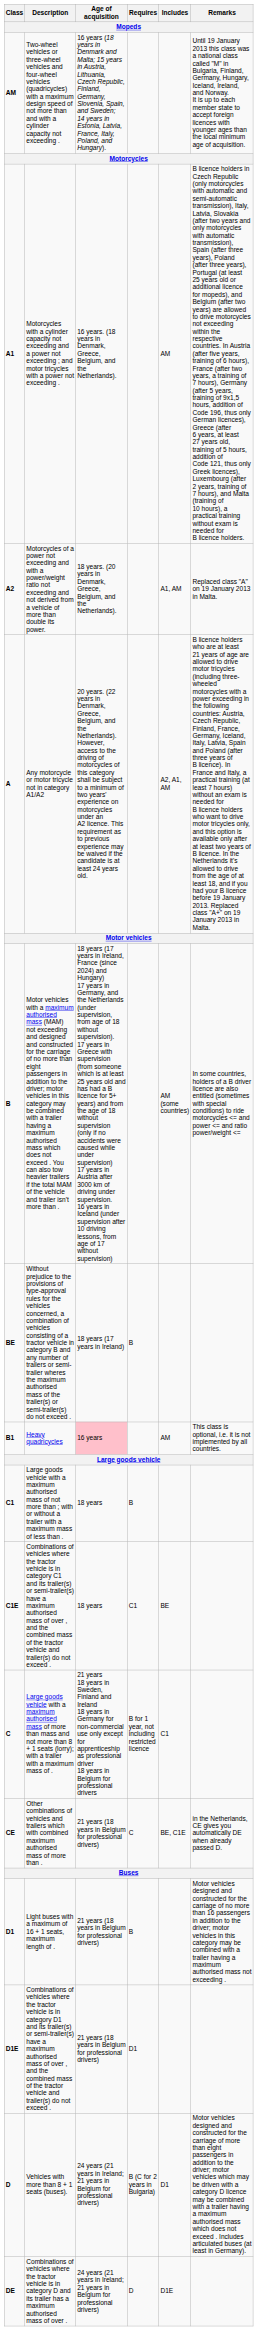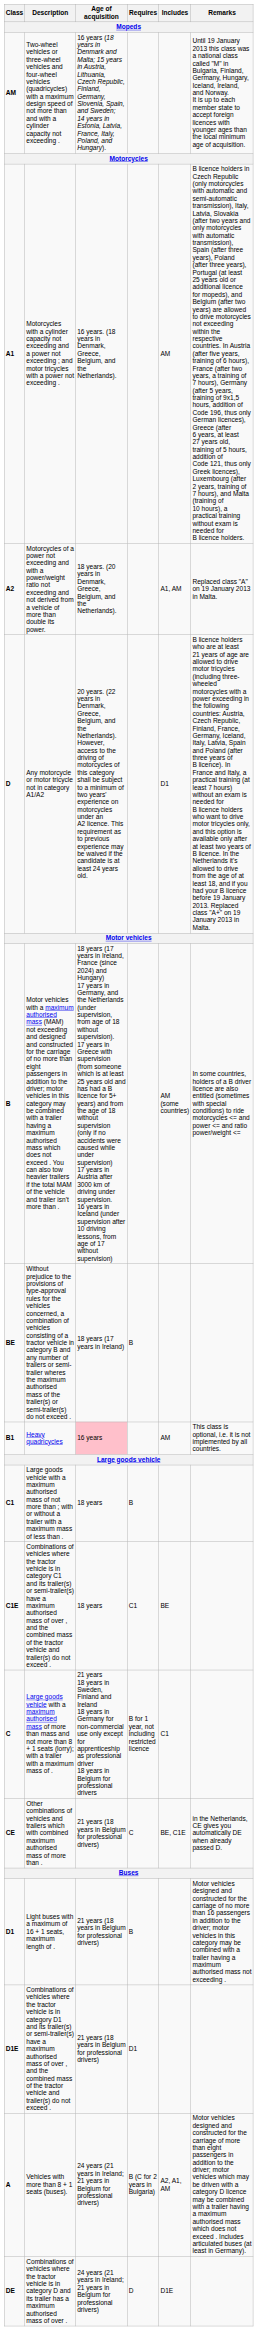 <table class="wikitable">
 <tr>
 <th>Class</th>
 <th>Description</th>
 <th>Age of acquisition</th>
 <th>Requires</th>
 <th>Includes</th>
 <th>Remarks</th>
 </tr>
 <tr>
 <th colspan="6"><a href='#'>Mopeds</a></th>
 </tr>
 <tr>
 <td><strong>AM</strong></td>
 <td>Two-wheel vehicles or three-wheel vehicles and four-wheel vehicles (quadricycles) with a maximum design speed of not more than  and with a cylinder capacity not exceeding .</td>
 <td>16 years (<em>18 years in Denmark and Malta; 15 years in Austria, Lithuania, Czech Republic, Finland, Germany, Slovenia, Spain, and Sweden; 14 years in Estonia, Latvia, France, Italy, Poland, and Hungary</em>).</td>
 <td></td>
 <td></td>
 <td>Until 19 January 2013 this class was a national class called "M" in Bulgaria, Finland, Germany, Hungary, Iceland, Ireland, and Norway.<br>It is up to each member state to accept foreign licences with younger ages than the local minimum age of acquisition.</td>
 </tr>
 <tr>
 <th colspan="6"><a href='#'>Motorcycles</a></th>
 </tr>
 <tr>
 <td><strong>A1</strong></td>
 <td>Motorcycles with a cylinder capacity not exceeding  and a power not exceeding ; and motor tricycles with a power not exceeding .</td>
 <td>16 years. (18 years in Denmark, Greece, Belgium, and the Netherlands).</td>
 <td></td>
 <td>AM</td>
 <td>B licence holders in Czech Republic (only motorcycles with automatic and semi-automatic transmission), Italy, Latvia, Slovakia (after two years and only motorcycles with automatic transmission), Spain (after three years), Poland (after three years), Portugal (at least 25 years old or additional licence for mopeds), and Belgium (after two years) are allowed to drive motorcycles not exceeding  within the respective countries. In Austria (after five years, training of 6 hours), France (after two years, a training of 7 hours), Germany (after 5 years, training of 9x1,5 hours, addition of Code 196, thus only German licences), Greece (after 6 years, at least 27 years old, training of 5 hours, addition of Code 121, thus only Greek licences), Luxembourg (after 2 years, training of 7 hours), and Malta (training of 10 hours), a practical training without exam is needed for B licence holders.</td>
 </tr>
 <tr>
 <td><strong>A2</strong></td>
 <td>Motorcycles of a power not exceeding  and with a power/weight ratio not exceeding  and not derived from a vehicle of more than double its power.</td>
 <td>18 years. (20 years in Denmark, Greece, Belgium, and the Netherlands).</td>
 <td></td>
 <td>A1, AM</td>
 <td>Replaced class "A" on 19 January 2013 in Malta.</td>
 </tr>
 <tr>
-<td><strong>A</strong></td>
+<td><strong>D</strong></td>
 <td>Any motorcycle or motor tricycle not in category A1/A2</td>
 <td>20 years. (22 years in Denmark, Greece, Belgium, and the Netherlands). However, access to the driving of motorcycles of this category shall be subject to a minimum of two years' experience on motorcycles under an A2 licence. This requirement as to previous experience may be waived if the candidate is at least 24 years old.</td>
 <td></td>
-<td>A2, A1, AM</td>
+<td>D1</td>
 <td>B licence holders who are at least 21 years of age are allowed to drive motor tricycles (including three-wheeled motorcycles with a power exceeding  in the following countries: Austria, Czech Republic, Finland, France, Germany, Iceland, Italy, Latvia, Spain and Poland (after three years of B licence). In France and Italy, a practical training (at least 7 hours) without an exam is needed for B licence holders who want to drive motor tricycles only, and this option is available only after at least two years of B licence. In the Netherlands it's allowed to drive from the age of at least 18, and if you had your B licence before 19 January 2013. Replaced class "A+" on 19 January 2013 in Malta.</td>
 </tr>
 <tr>
 <th colspan="6"><a href='#'>Motor vehicles</a></th>
 </tr>
 <tr>
 <td><strong>B</strong></td>
 <td>Motor vehicles with a <a href='#'>maximum authorised mass</a> (MAM) not exceeding  and designed and constructed for the carriage of no more than eight passengers in addition to the driver; motor vehicles in this category may be combined with a trailer having a maximum authorised mass which does not exceed . You can also tow heavier trailers if the total <abbr>MAM</abbr> of the vehicle and trailer isn't more than .</td>
 <td>18 years (17 years in Ireland, France (since 2024) and Hungary)<br>17 years in Germany,  and the Netherlands (under supervision, from age of 18 without supervision).<br>17 years in Greece with supervision (from someone which is at least 25 years old and has had a B licence for 5+ years)  and from the age of 18 without supervision (only if no accidents were caused while under supervision) <br>17 years in Austria after 3000 km of driving under supervision.<br>16 years in Iceland (under supervision after 10 driving lessons, from age of 17 without supervision)</td>
 <td></td>
 <td>AM (some countries)</td>
 <td>In some countries, holders of a B driver licence are also entitled (sometimes with special conditions) to ride motorcycles <=  and power <=  and ratio power/weight <= </td>
 </tr>
 <tr>
 <td><strong>BE</strong></td>
 <td>Without prejudice to the provisions of type-approval rules for the vehicles concerned, a combination of vehicles consisting of a tractor vehicle in category B and any number of trailers or semi-trailer wheres the maximum authorised mass of the trailer(s) or semi-trailer(s) do not exceed .</td>
 <td>18 years (17 years in Ireland)</td>
 <td>B</td>
 <td></td>
 <td></td>
 </tr>
 <tr>
 <td><strong>B1</strong></td>
 <td><a href='#'>Heavy quadricycles</a></td>
 <td style="background: pink;">16 years</td>
 <td></td>
 <td>AM</td>
 <td>This class is optional, i.e. it is not implemented by all countries.</td>
 </tr>
 <tr>
 <th colspan="6"><a href='#'>Large goods vehicle</a></th>
 </tr>
 <tr>
 <td><strong>C1</strong></td>
 <td>Large goods vehicle with a maximum authorised mass of not more than ; with or without a trailer with a maximum mass of less than .</td>
 <td>18 years</td>
 <td>B</td>
 <td></td>
 <td></td>
 </tr>
 <tr>
 <td><strong>C1E</strong></td>
 <td>Combinations of vehicles where the tractor vehicle is in category C1 and its trailer(s) or semi-trailer(s) have a maximum authorised mass of over , and the combined mass of the tractor vehicle and trailer(s) do not exceed .</td>
 <td>18 years</td>
 <td>C1</td>
 <td>BE</td>
 <td></td>
 </tr>
 <tr>
 <td><strong>C</strong></td>
 <td><a href='#'>Large goods vehicle</a> with a <a href='#'>maximum authorised mass</a> of more than  mass and not more than 8 + 1 seats (lorry); with a trailer with a maximum mass of .</td>
 <td>21 years<br>18 years in Sweden, Finland and Ireland<br>18 years in Germany for non-commercial use only except for apprenticeship as professional driver<br>18 years in Belgium for professional drivers</td>
 <td>B for 1 year, not including restricted licence</td>
 <td>C1</td>
 <td></td>
 </tr>
 <tr>
 <td><strong>CE</strong></td>
 <td>Other combinations of vehicles and trailers which with combined maximum authorised mass of more than .</td>
 <td>21 years (18 years in Belgium for professional drivers)</td>
 <td>C</td>
 <td>BE, C1E</td>
 <td>in the Netherlands, CE gives you automatically DE when already passed D.</td>
 </tr>
 <tr>
 <th colspan="6"><a href='#'>Buses</a></th>
 </tr>
 <tr>
 <td><strong>D1</strong></td>
 <td>Light buses with a maximum of 16 + 1 seats, maximum length of .</td>
 <td>21 years (18 years in Belgium for professional drivers)</td>
 <td>B</td>
 <td></td>
 <td>Motor vehicles designed and constructed for the carriage of no more than 16 passengers in addition to the driver; motor vehicles in this category may be combined with a trailer having a maximum authorised mass not exceeding .</td>
 </tr>
 <tr>
 <td><strong>D1E</strong></td>
 <td>Combinations of vehicles where the tractor vehicle is in category D1 and its trailer(s) or semi-trailer(s) have a maximum authorised mass of over , and the combined mass of the tractor vehicle and trailer(s) do not exceed .</td>
 <td>21 years (18 years in Belgium for professional drivers)</td>
 <td>D1</td>
 <td></td>
 <td></td>
 </tr>
 <tr>
-<td><strong>D</strong></td>
+<td><strong>A</strong></td>
 <td>Vehicles with more than 8 + 1 seats (buses).</td>
 <td>24 years (21 years in Ireland; 21 years in Belgium for professional drivers)</td>
 <td>B (C for 2 years in Bulgaria)</td>
-<td>D1</td>
+<td>A2, A1, AM</td>
 <td>Motor vehicles designed and constructed for the carriage of more than eight passengers in addition to the driver; motor vehicles which may be driven with a category D licence may be combined with a trailer having a maximum authorised mass which does not exceed . Includes articulated buses (at least in Germany).</td>
 </tr>
 <tr>
 <td><strong>DE</strong></td>
 <td>Combinations of vehicles where the tractor vehicle is in category D and its trailer has a maximum authorised mass of over .</td>
 <td>24 years (21 years in Ireland; 21 years in Belgium for professional drivers)</td>
 <td>D</td>
 <td>D1E</td>
 <td></td>
 </tr>
 </table>
